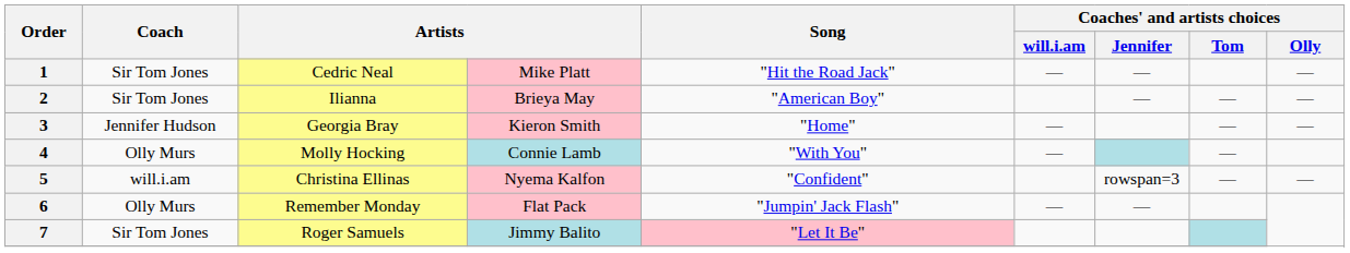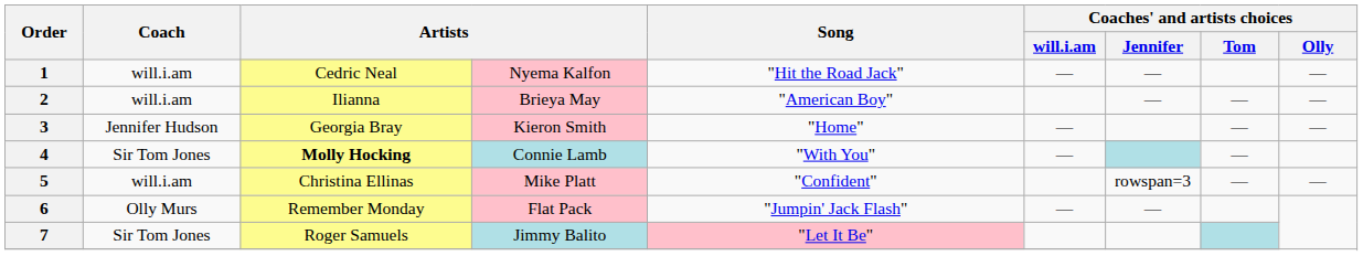 <table class="wikitable" style="text-align:center; width:100%;">
 <tr>
 <th scope="col" style="width:05%;" rowspan="2">Order</th>
 <th scope="col" style="width:10%;" rowspan="2">Coach</th>
 <th scope="col" style="width:26%;" colspan="2" rowspan="2">Artists</th>
 <th scope="col" style="width:24%;" rowspan="2">Song</th>
 <th scope="col" style="width:20%;" colspan="4">Coaches' and artists choices</th>
 </tr>
 <tr>
 <th style="width:05%;"><a href='#'>will.i.am</a></th>
 <th style="width:05%;"><a href='#'>Jennifer</a></th>
 <th style="width:05%;"><a href='#'>Tom</a></th>
 <th style="width:05%;"><a href='#'>Olly</a></th>
 </tr>
 <tr>
 <th scope="col">1</th>
-<td>Sir Tom Jones</td>
+<td>will.i.am</td>
 <td style="background:#fdfc8f;text-align:center;">Cedric Neal</td>
-<td style="background:pink;text-align:center;">Mike Platt</td>
+<td style="background:pink;text-align:center;">Nyema Kalfon</td>
 <td>"<a href='#'>Hit the Road Jack</a>"</td>
 <td>—</td>
 <td>—</td>
 <td></td>
 <td>—</td>
 </tr>
 <tr>
 <th scope="col">2</th>
-<td>Sir Tom Jones</td>
+<td>will.i.am</td>
 <td style="background:#fdfc8f;text-align:center;">Ilianna</td>
 <td style="background:pink;text-align:center;">Brieya May</td>
 <td>"<a href='#'>American Boy</a>"</td>
 <td></td>
 <td>—</td>
 <td>—</td>
 <td>—</td>
 </tr>
 <tr>
 <th scope="col">3</th>
 <td>Jennifer Hudson</td>
 <td style="background:#fdfc8f;text-align:center;">Georgia Bray</td>
 <td style="background:pink;text-align:center;">Kieron Smith</td>
 <td>"<a href='#'>Home</a>"</td>
 <td>—</td>
 <td></td>
 <td>—</td>
 <td>—</td>
 </tr>
 <tr>
 <th scope="col">4</th>
-<td>Olly Murs</td>
-<td style="background:#fdfc8f;text-align:center;">Molly Hocking</td>
+<td>Sir Tom Jones</td>
+<td style="background:#fdfc8f;text-align:center;"><strong>Molly Hocking</strong></td>
 <td style="background:#b0e0e6;text-align:center;">Connie Lamb</td>
 <td>"<a href='#'>With You</a>"</td>
 <td>—</td>
 <td style="background:#b0e0e6;"><strong></strong></td>
 <td>—</td>
 <td></td>
 </tr>
 <tr>
 <th scope="col">5</th>
 <td>will.i.am</td>
 <td style="background:#fdfc8f;text-align:center;">Christina Ellinas</td>
-<td style="background:pink;text-align:center;">Nyema Kalfon</td>
+<td style="background:pink;text-align:center;">Mike Platt</td>
 <td>"<a href='#'>Confident</a>"</td>
 <td></td>
 <td>rowspan=3 </td>
 <td>—</td>
 <td>—</td>
 </tr>
 <tr>
 <th scope="col">6</th>
 <td>Olly Murs</td>
 <td style="background:#fdfc8f;text-align:center;">Remember Monday</td>
 <td style="background:pink;text-align:center;">Flat Pack</td>
 <td>"<a href='#'>Jumpin' Jack Flash</a>"</td>
 <td>—</td>
 <td>—</td>
 <td></td>
 </tr>
 <tr>
 <th scope="col">7</th>
 <td>Sir Tom Jones</td>
 <td style="background:#fdfc8f;text-align:center;">Roger Samuels</td>
 <td style="background:#b0e0e6;text-align:center;">Jimmy Balito</td>
 <td style="background: pink;">"<a href='#'>Let It Be</a>"</td>
 <td><strong></strong></td>
 <td></td>
 <td style="background:#b0e0e6;"><strong></strong></td>
 </tr>
 <tr>
 </tr>
 </table>
